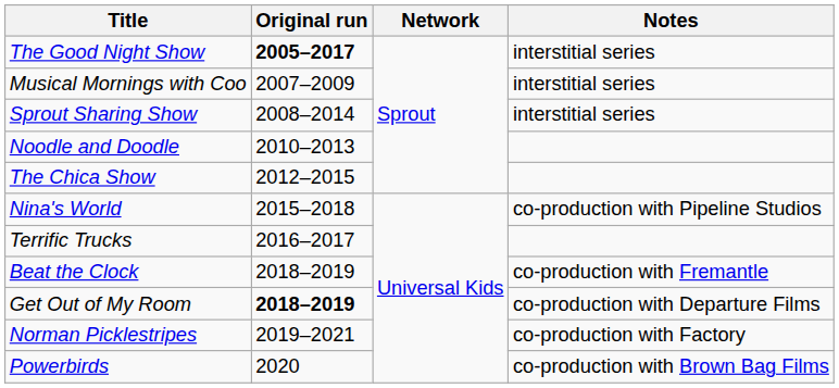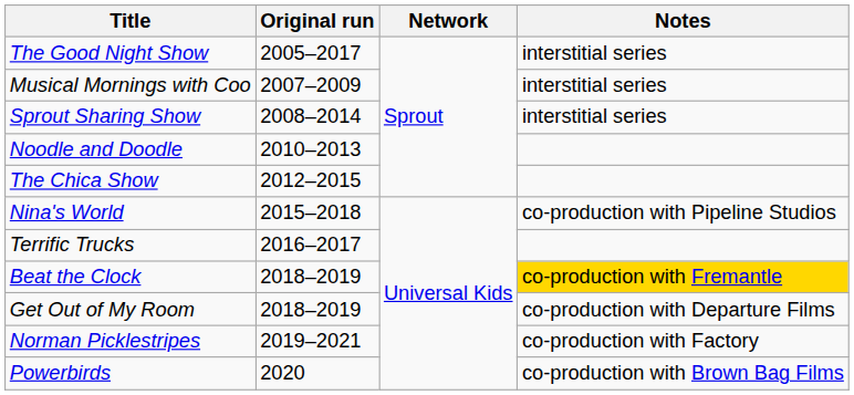 <table class="wikitable sortable">
 <tr>
 <th>Title</th>
 <th>Original run</th>
 <th>Network</th>
 <th>Notes</th>
 </tr>
 <tr>
 <td><em><a href='#'>The Good Night Show</a></em></td>
-<td><strong>2005–2017</strong></td>
+<td>2005–2017</td>
 <td rowspan="5"><a href='#'>Sprout</a></td>
 <td>interstitial series</td>
 </tr>
 <tr>
 <td><em>Musical Mornings with Coo</em></td>
 <td>2007–2009</td>
 <td>interstitial series</td>
 </tr>
 <tr>
 <td><em><a href='#'>Sprout Sharing Show</a></em></td>
 <td>2008–2014</td>
 <td>interstitial series</td>
 </tr>
 <tr>
 <td><em><a href='#'>Noodle and Doodle</a></em></td>
 <td>2010–2013</td>
 <td></td>
 </tr>
 <tr>
 <td><em><a href='#'>The Chica Show</a></em></td>
 <td>2012–2015</td>
 <td></td>
 </tr>
 <tr>
 <td><em><a href='#'>Nina's World</a></em></td>
 <td>2015–2018</td>
 <td rowspan="6"><a href='#'>Universal Kids</a></td>
 <td>co-production with Pipeline Studios</td>
 </tr>
 <tr>
 <td><em>Terrific Trucks</em></td>
 <td>2016–2017</td>
 <td></td>
 </tr>
 <tr>
 <td><em><a href='#'>Beat the Clock</a></em></td>
 <td>2018–2019</td>
-<td>co-production with <a href='#'>Fremantle</a></td>
+<td style="background: gold;">co-production with <a href='#'>Fremantle</a></td>
 </tr>
 <tr>
 <td><em>Get Out of My Room</em></td>
-<td><strong>2018–2019</strong></td>
+<td>2018–2019</td>
 <td>co-production with Departure Films</td>
 </tr>
 <tr>
 <td><em><a href='#'>Norman Picklestripes</a></em></td>
 <td>2019–2021</td>
 <td>co-production with Factory</td>
 </tr>
 <tr>
 <td><em><a href='#'>Powerbirds</a></em></td>
 <td>2020</td>
 <td>co-production with <a href='#'>Brown Bag Films</a></td>
 </tr>
 </table>
